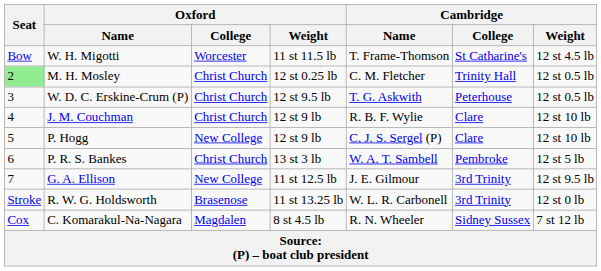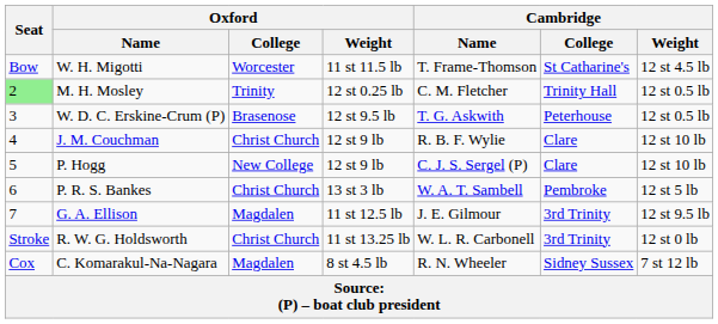 <table class="wikitable">
 <tr>
 <th rowspan="2" scope="col">Seat</th>
 <th colspan="3" scope="col">Oxford <br> </th>
 <th colspan="3" scope="col">Cambridge <br> </th>
 </tr>
 <tr>
 <th>Name</th>
 <th>College</th>
 <th>Weight</th>
 <th>Name</th>
 <th>College</th>
 <th>Weight</th>
 </tr>
 <tr>
 <td><a href='#'>Bow</a></td>
 <td>W. H. Migotti</td>
 <td><a href='#'>Worcester</a></td>
 <td>11 st 11.5 lb</td>
 <td>T. Frame-Thomson</td>
 <td><a href='#'>St Catharine's</a></td>
 <td>12 st 4.5 lb</td>
 </tr>
 <tr>
 <td style="background: lightgreen;">2</td>
 <td>M. H. Mosley</td>
-<td><a href='#'>Christ Church</a></td>
+<td><a href='#'>Trinity</a></td>
 <td>12 st 0.25 lb</td>
 <td>C. M. Fletcher</td>
 <td><a href='#'>Trinity Hall</a></td>
 <td>12 st 0.5 lb</td>
 </tr>
 <tr>
 <td>3</td>
 <td>W. D. C. Erskine-Crum (P)</td>
-<td><a href='#'>Christ Church</a></td>
+<td><a href='#'>Brasenose</a></td>
 <td>12 st 9.5 lb</td>
 <td><a href='#'>T. G. Askwith</a></td>
 <td><a href='#'>Peterhouse</a></td>
 <td>12 st 0.5 lb</td>
 </tr>
 <tr>
 <td>4</td>
 <td><a href='#'>J. M. Couchman</a></td>
 <td><a href='#'>Christ Church</a></td>
 <td>12 st 9 lb</td>
 <td>R. B. F. Wylie</td>
 <td><a href='#'>Clare</a></td>
 <td>12 st 10 lb</td>
 </tr>
 <tr>
 <td>5</td>
 <td>P. Hogg</td>
 <td><a href='#'>New College</a></td>
 <td>12 st 9 lb</td>
 <td><a href='#'>C. J. S. Sergel</a> (P)</td>
 <td><a href='#'>Clare</a></td>
 <td>12 st 10 lb</td>
 </tr>
 <tr>
 <td>6</td>
 <td>P. R. S. Bankes</td>
 <td><a href='#'>Christ Church</a></td>
 <td>13 st 3 lb</td>
 <td><a href='#'>W. A. T. Sambell</a></td>
 <td><a href='#'>Pembroke</a></td>
 <td>12 st 5 lb</td>
 </tr>
 <tr>
 <td>7</td>
 <td><a href='#'>G. A. Ellison</a></td>
-<td><a href='#'>New College</a></td>
+<td><a href='#'>Magdalen</a></td>
 <td>11 st 12.5 lb</td>
 <td>J. E. Gilmour</td>
 <td><a href='#'>3rd Trinity</a></td>
 <td>12 st 9.5 lb</td>
 </tr>
 <tr>
 <td><a href='#'>Stroke</a></td>
 <td>R. W. G. Holdsworth</td>
-<td><a href='#'>Brasenose</a></td>
+<td><a href='#'>Christ Church</a></td>
 <td>11 st 13.25 lb</td>
 <td>W. L. R. Carbonell</td>
 <td><a href='#'>3rd Trinity</a></td>
 <td>12 st 0 lb</td>
 </tr>
 <tr>
 <td><a href='#'>Cox</a></td>
 <td>C. Komarakul-Na-Nagara</td>
 <td><a href='#'>Magdalen</a></td>
 <td>8 st 4.5 lb</td>
 <td>R. N. Wheeler</td>
 <td><a href='#'>Sidney Sussex</a></td>
 <td>7 st 12 lb</td>
 </tr>
 <tr>
 <th colspan="7">Source:<br>(P) – boat club president</th>
 </tr>
 </table>
